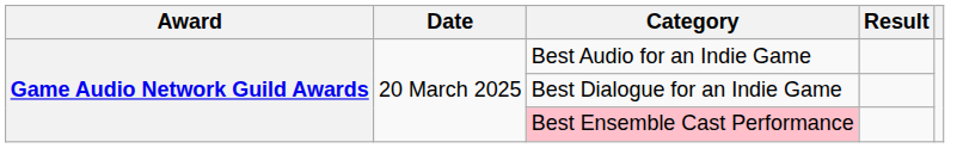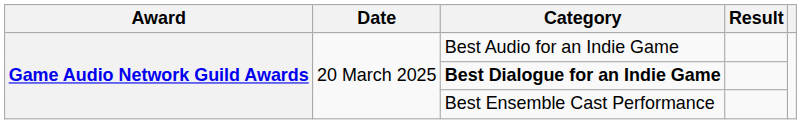 <table class="wikitable sortable plainrowheaders">
 <tr>
 <th scope="col">Award</th>
 <th scope="col">Date</th>
 <th scope="col">Category</th>
 <th scope="col">Result</th>
 <th scope="col" class="unsortable"></th>
 </tr>
 <tr>
 <th scope="row" rowspan="3"><a href='#'>Game Audio Network Guild Awards</a></th>
 <td rowspan="3">20 March 2025</td>
 <td>Best Audio for an Indie Game</td>
 <td></td>
 <td rowspan="3" align="center"></td>
 </tr>
 <tr>
-<td>Best Dialogue for an Indie Game</td>
+<td><strong>Best Dialogue for an Indie Game</strong></td>
 <td></td>
 </tr>
 <tr>
-<td style="background: pink;">Best Ensemble Cast Performance</td>
+<td>Best Ensemble Cast Performance</td>
 <td></td>
 </tr>
 </table>
